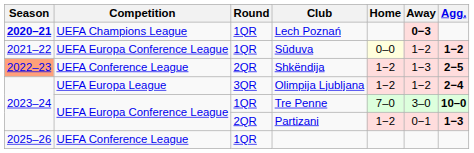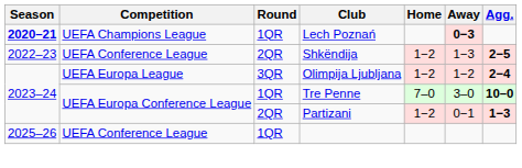 <table class="wikitable">
 <tr>
 <th>Season</th>
 <th>Competition</th>
 <th>Round</th>
 <th>Club</th>
 <th>Home</th>
 <th>Away</th>
 <th><a href='#'>Agg.</a></th>
 </tr>
 <tr>
 <td><strong><a href='#'>2020–21</a></strong></td>
 <td><a href='#'>UEFA Champions League</a></td>
 <td><a href='#'>1QR</a></td>
 <td> <a href='#'>Lech Poznań</a></td>
 <td></td>
 <td style="text-align:center; background:#fdd;"><strong>0−3</strong></td>
 <td></td>
 </tr>
 <tr>
-<td><a href='#'>2021–22</a></td>
-<td><a href='#'>UEFA Europa Conference League</a></td>
-<td><a href='#'>1QR</a></td>
-<td> <a href='#'>Sūduva</a></td>
-<td style="text-align:center; background:#ffd;">0–0</td>
-<td style="text-align:center; background:#fdd;">1−2</td>
-<td style="text-align:center; background:#fdd;"><strong>1−2</strong></td>
-</tr>
-<tr>
-<td style="background: lightsalmon;"><a href='#'>2022–23</a></td>
+<td><a href='#'>2022–23</a></td>
 <td><a href='#'>UEFA Conference League</a></td>
 <td><a href='#'>2QR</a></td>
 <td> <a href='#'>Shkëndija</a></td>
 <td style="text-align:center; background:#fdd;">1−2</td>
 <td style="text-align:center; background:#fdd;">1−3</td>
 <td style="text-align:center; background:#fdd;"><strong>2−5</strong></td>
 </tr>
 <tr>
 <td rowspan=3><a href='#'>2023–24</a></td>
 <td><a href='#'>UEFA Europa League</a></td>
 <td><a href='#'>3QR</a></td>
 <td> <a href='#'>Olimpija Ljubljana</a></td>
 <td style="text-align:center; background:#fdd;">1−2</td>
 <td style="text-align:center; background:#fdd;">1−2</td>
 <td style="text-align:center; background:#fdd;"><strong>2−4</strong></td>
 </tr>
 <tr>
 <td rowspan=2><a href='#'>UEFA Europa Conference League</a></td>
 <td><a href='#'>1QR</a></td>
 <td> <a href='#'>Tre Penne</a></td>
 <td style="text-align:center; background:#dfd;">7–0</td>
 <td style="text-align:center; background:#dfd;">3–0</td>
 <td style="text-align:center; background:#dfd;"><strong>10–0</strong></td>
 </tr>
 <tr>
 <td><a href='#'>2QR</a></td>
 <td> <a href='#'>Partizani</a></td>
 <td style="text-align:center; background:#fdd;">1−2</td>
 <td style="text-align:center; background:#fdd;">0−1</td>
 <td style="text-align:center; background:#fdd;"><strong>1−3</strong></td>
 </tr>
 <tr>
 <td><a href='#'>2025–26</a></td>
 <td><a href='#'>UEFA Conference League</a></td>
 <td><a href='#'>1QR</a></td>
 <td></td>
 <td style="text-align:center;"></td>
 <td style="text-align:center;"></td>
 <td style="text-align:center;"></td>
 </tr>
 </table>
